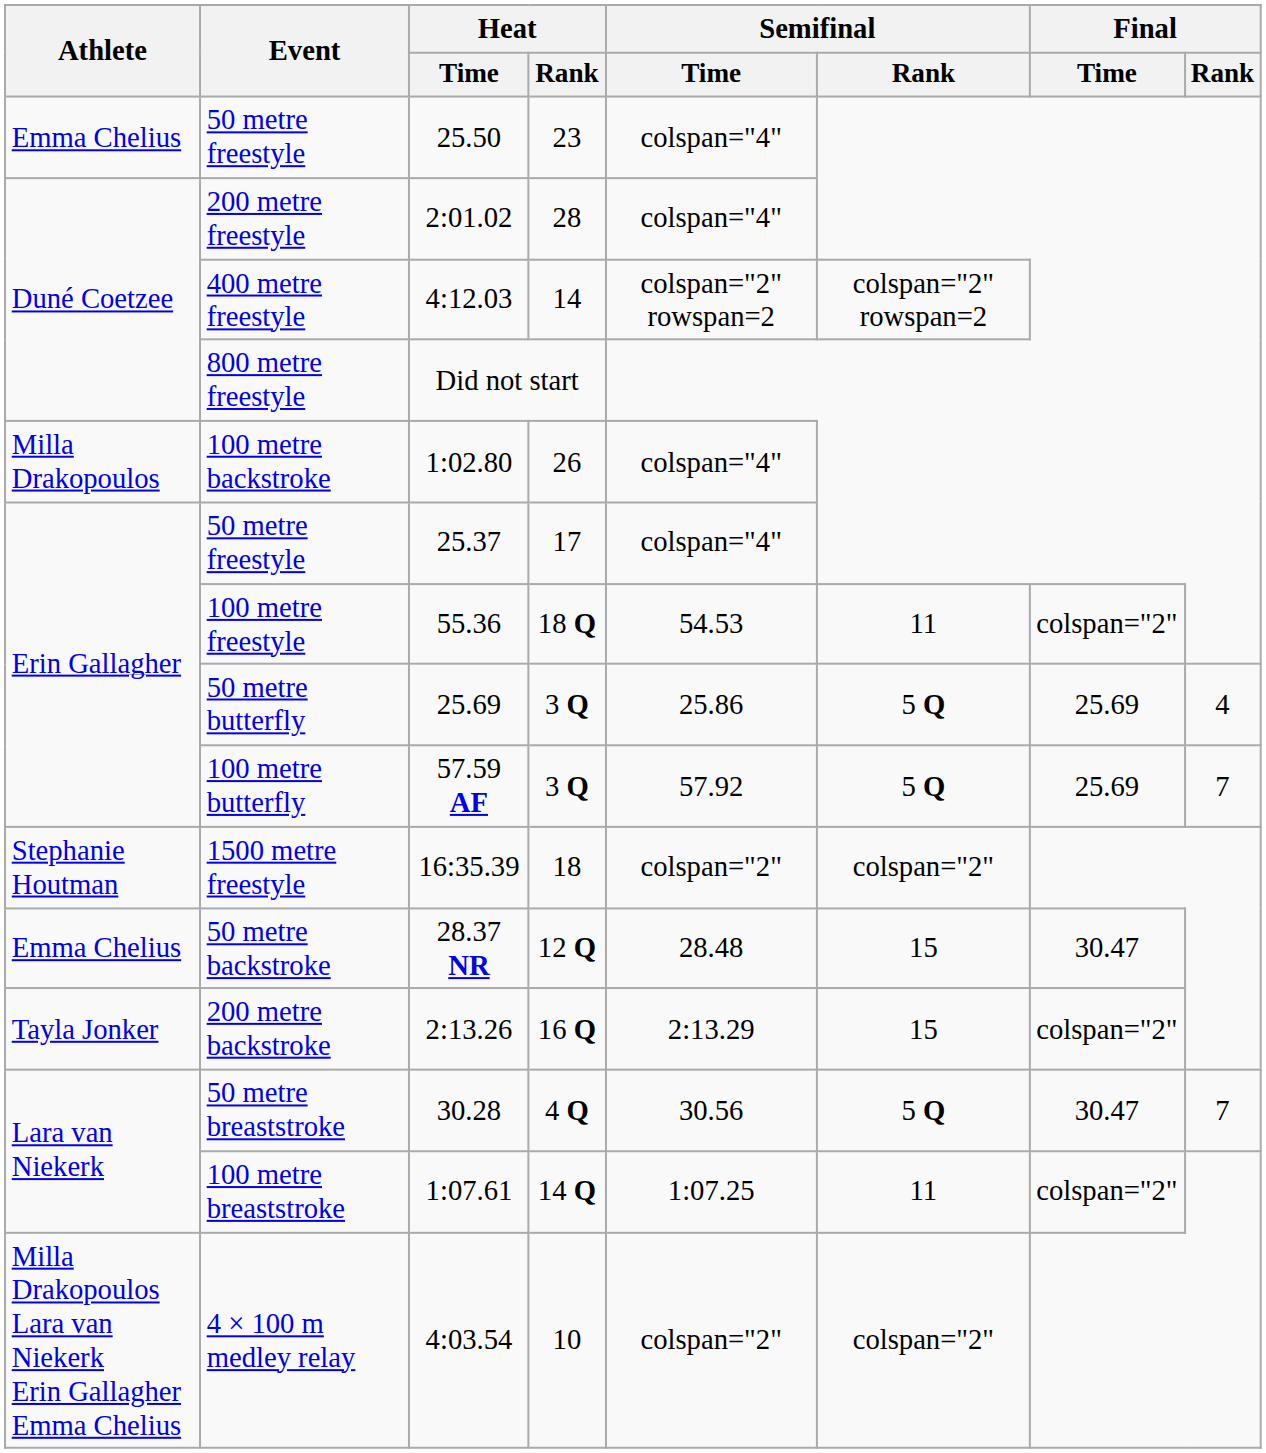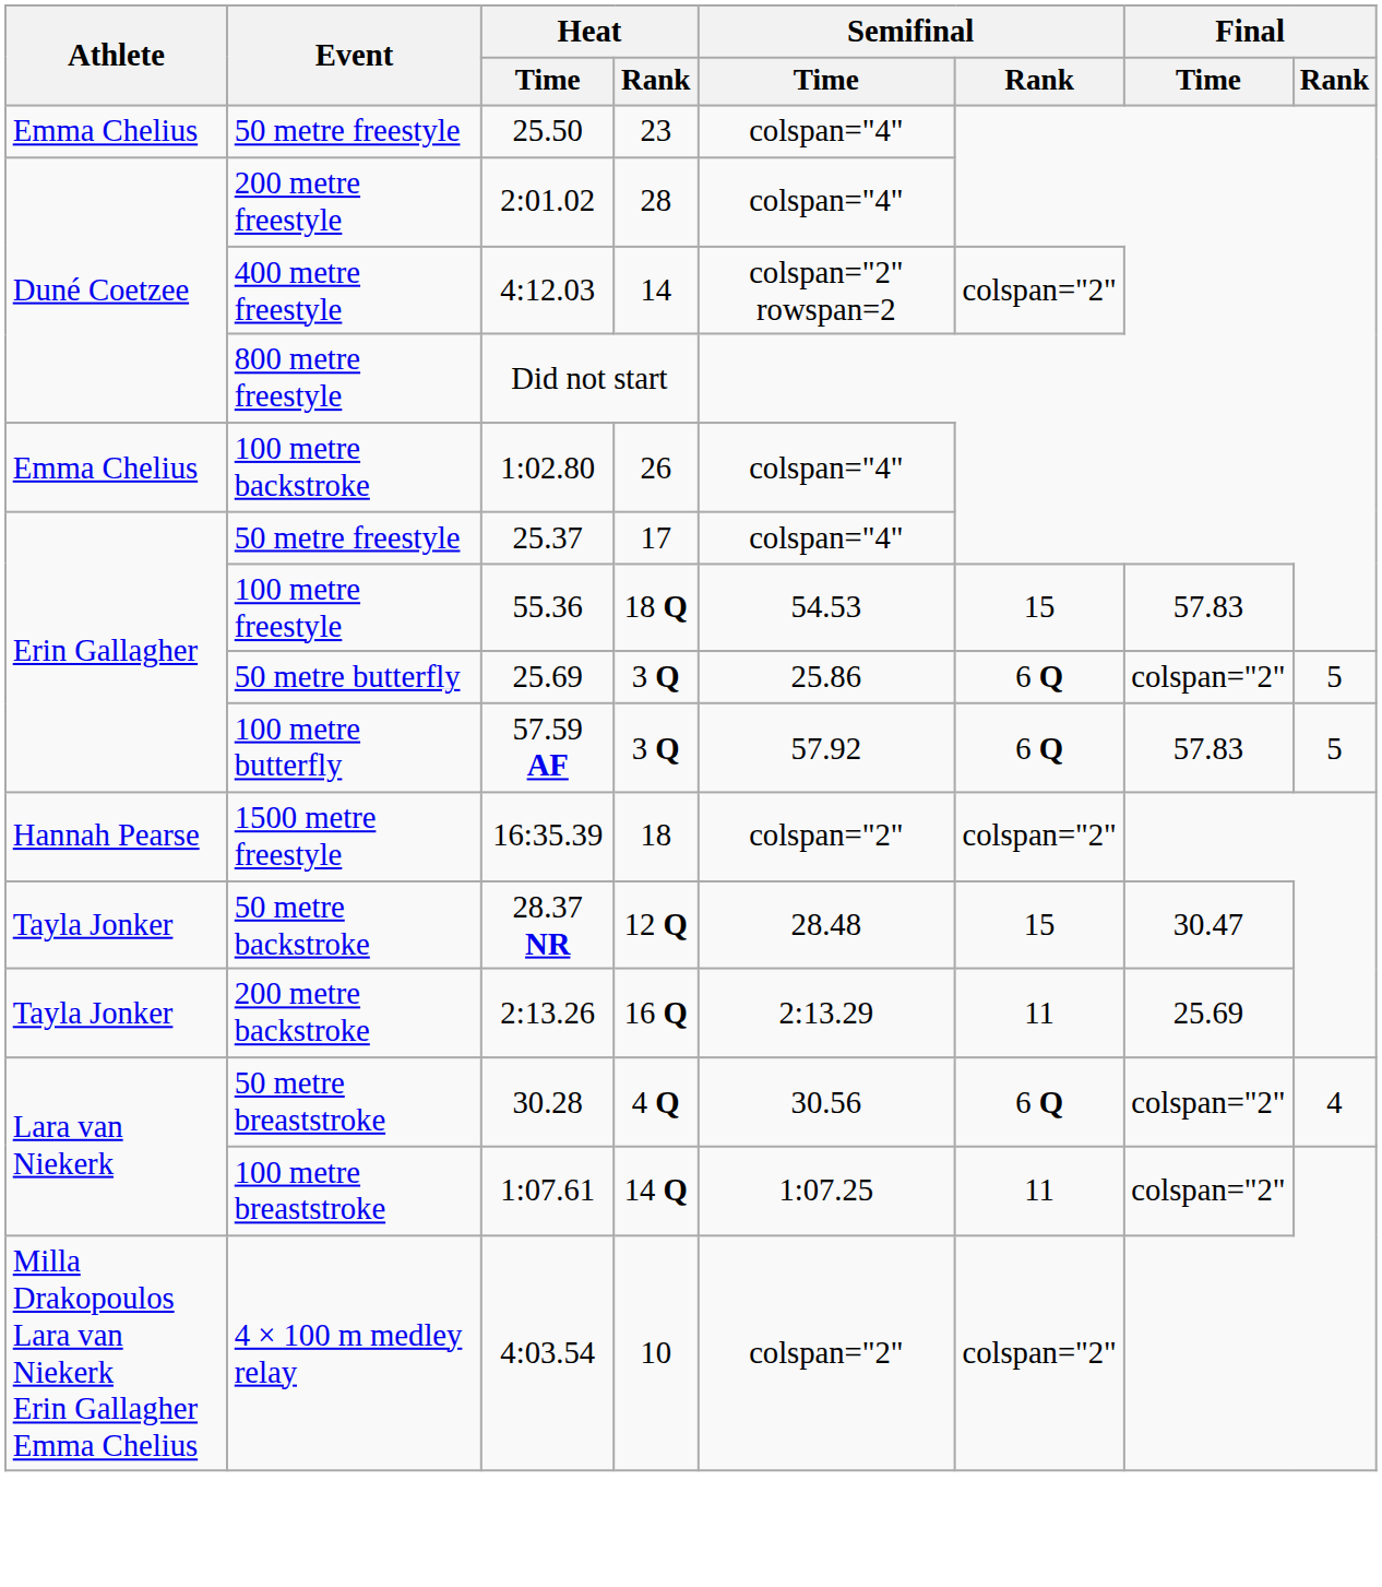 <table class="wikitable" style="text-align:center; font-size:90%; width:50%;">
 <tr>
 <th rowspan="2">Athlete</th>
 <th rowspan="2">Event</th>
 <th colspan="2">Heat</th>
 <th colspan="2">Semifinal</th>
 <th colspan="2">Final</th>
 </tr>
 <tr style="font-size:95%">
 <th>Time</th>
 <th>Rank</th>
 <th>Time</th>
 <th>Rank</th>
 <th>Time</th>
 <th>Rank</th>
 </tr>
 <tr align=center>
 <td align=left><a href='#'>Emma Chelius</a></td>
 <td align=left><a href='#'>50 metre freestyle</a></td>
 <td>25.50</td>
 <td>23</td>
 <td>colspan="4" </td>
 </tr>
 <tr align=center>
 <td align=left rowspan=3><a href='#'>Duné Coetzee</a></td>
 <td align=left><a href='#'>200 metre freestyle</a></td>
 <td>2:01.02</td>
 <td>28</td>
 <td>colspan="4" </td>
 </tr>
 <tr align=center>
 <td align=left><a href='#'>400 metre freestyle</a></td>
 <td>4:12.03</td>
 <td>14</td>
 <td>colspan="2" rowspan=2 </td>
-<td>colspan="2" rowspan=2 </td>
+<td>colspan="2" </td>
 </tr>
 <tr align=center>
 <td align=left><a href='#'>800 metre freestyle</a></td>
 <td colspan="2">Did not start</td>
 </tr>
 <tr align=center>
-<td align=left><a href='#'>Milla Drakopoulos</a></td>
+<td align=left><a href='#'>Emma Chelius</a></td>
 <td align=left><a href='#'>100 metre backstroke</a></td>
 <td>1:02.80</td>
 <td>26</td>
 <td>colspan="4" </td>
 </tr>
 <tr align=center>
 <td align=left rowspan="4"><a href='#'>Erin Gallagher</a></td>
 <td align=left><a href='#'>50 metre freestyle</a></td>
 <td>25.37</td>
 <td>17</td>
 <td>colspan="4" </td>
 </tr>
 <tr align=center>
 <td align=left><a href='#'>100 metre freestyle</a></td>
 <td>55.36</td>
 <td>18 <strong>Q</strong></td>
 <td>54.53</td>
-<td>11</td>
-<td>colspan="2" </td>
+<td>15</td>
+<td>57.83</td>
 </tr>
 <tr align=center>
 <td align=left><a href='#'>50 metre butterfly</a></td>
 <td>25.69</td>
 <td>3 <strong>Q</strong></td>
 <td>25.86</td>
-<td>5 <strong>Q</strong></td>
-<td>25.69</td>
-<td>4</td>
+<td>6 <strong>Q</strong></td>
+<td>colspan="2" </td>
+<td>5</td>
 </tr>
 <tr align=center>
 <td align=left><a href='#'>100 metre butterfly</a></td>
 <td>57.59 <strong><a href='#'>AF</a></strong></td>
 <td>3 <strong>Q</strong></td>
 <td>57.92</td>
-<td>5 <strong>Q</strong></td>
-<td>25.69</td>
-<td>7</td>
+<td>6 <strong>Q</strong></td>
+<td>57.83</td>
+<td>5</td>
 </tr>
 <tr align=center>
-<td align=left><a href='#'>Stephanie Houtman</a></td>
+<td align=left><a href='#'>Hannah Pearse</a></td>
 <td align=left><a href='#'>1500 metre freestyle</a></td>
 <td>16:35.39</td>
 <td>18</td>
 <td>colspan="2" </td>
 <td>colspan="2" </td>
 </tr>
 <tr align=center>
-<td align=left><a href='#'>Emma Chelius</a></td>
+<td align=left><a href='#'>Tayla Jonker</a></td>
 <td align=left><a href='#'>50 metre backstroke</a></td>
 <td>28.37 <strong><a href='#'>NR</a></strong></td>
 <td>12 <strong>Q</strong></td>
 <td>28.48</td>
 <td>15</td>
 <td>30.47</td>
 </tr>
 <tr align=center>
 <td align=left><a href='#'>Tayla Jonker</a></td>
 <td align=left><a href='#'>200 metre backstroke</a></td>
 <td>2:13.26</td>
 <td>16 <strong>Q</strong></td>
 <td>2:13.29</td>
-<td>15</td>
-<td>colspan="2" </td>
+<td>11</td>
+<td>25.69</td>
 </tr>
 <tr align=center>
 <td align=left rowspan=2><a href='#'>Lara van Niekerk</a></td>
 <td align=left><a href='#'>50 metre breaststroke</a></td>
 <td>30.28</td>
 <td>4 <strong>Q</strong></td>
 <td>30.56</td>
-<td>5 <strong>Q</strong></td>
-<td>30.47</td>
-<td>7</td>
+<td>6 <strong>Q</strong></td>
+<td>colspan="2" </td>
+<td>4</td>
 </tr>
 <tr align=center>
 <td align=left><a href='#'>100 metre breaststroke</a></td>
 <td>1:07.61</td>
 <td>14 <strong>Q</strong></td>
 <td>1:07.25</td>
 <td>11</td>
 <td>colspan="2" </td>
 </tr>
 <tr>
 <td align=left><a href='#'>Milla Drakopoulos</a> <br><a href='#'>Lara van Niekerk</a> <br><a href='#'>Erin Gallagher</a> <br><a href='#'>Emma Chelius</a></td>
 <td align=left><a href='#'>4 × 100 m medley relay</a></td>
 <td>4:03.54</td>
 <td>10</td>
 <td>colspan="2" </td>
 <td>colspan="2" </td>
 </tr>
 </table>
